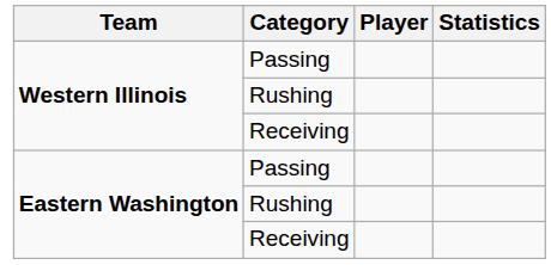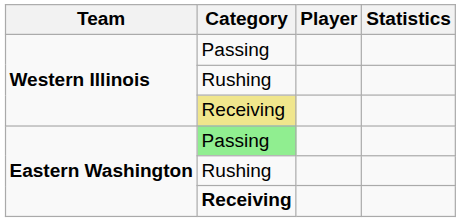 <table class="wikitable" style="float: right;">
 <tr>
 <th>Team</th>
 <th>Category</th>
 <th>Player</th>
 <th>Statistics</th>
 </tr>
 <tr>
 <td rowspan=3><strong>Western Illinois</strong></td>
 <td>Passing</td>
 <td></td>
 <td></td>
 </tr>
 <tr>
 <td>Rushing</td>
 <td></td>
 <td></td>
 </tr>
 <tr>
-<td>Receiving</td>
+<td style="background: khaki;">Receiving</td>
 <td></td>
 <td></td>
 </tr>
 <tr>
 <td rowspan=3><strong>Eastern Washington</strong></td>
-<td>Passing</td>
+<td style="background: lightgreen;">Passing</td>
 <td></td>
 <td></td>
 </tr>
 <tr>
 <td>Rushing</td>
 <td></td>
 <td></td>
 </tr>
 <tr>
-<td>Receiving</td>
+<td><strong>Receiving</strong></td>
 <td></td>
 <td></td>
 </tr>
 </table>
